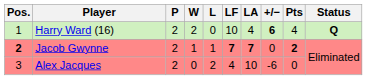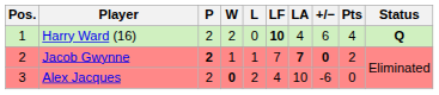 <table class="wikitable" style="text-align:center; margin: 1em auto 1em auto, align:left">
 <tr>
 <th width=20>Pos.</th>
 <th width=185>Player</th>
 <th width=20>P</th>
 <th width=20>W</th>
 <th width=20>L</th>
 <th width=20>LF</th>
 <th width=20>LA</th>
 <th width=25>+/−</th>
 <th width=20>Pts</th>
 <th width=70>Status</th>
 </tr>
 <tr style="background:#D0F0C0;">
 <td>1</td>
 <td align=left> <a href='#'>Harry Ward</a> (16)</td>
 <td>2</td>
 <td>2</td>
 <td>0</td>
-<td>10</td>
+<td><strong>10</strong></td>
 <td>4</td>
-<td><strong>6</strong></td>
+<td>6</td>
 <td>4</td>
 <td rowspan=1><strong>Q</strong></td>
 </tr>
 <tr style="background:#FF8888;">
+<td>2</td>
+<td align=left> <a href='#'>Jacob Gwynne</a></td>
 <td><strong>2</strong></td>
-<td align=left> <a href='#'>Jacob Gwynne</a></td>
-<td>2</td>
 <td>1</td>
 <td>1</td>
+<td>7</td>
 <td><strong>7</strong></td>
-<td><strong>7</strong></td>
-<td>0</td>
-<td><strong>2</strong></td>
+<td><strong>0</strong></td>
+<td>2</td>
 <td rowspan=2>Eliminated</td>
 </tr>
 <tr style="background:#FF8888;">
 <td>3</td>
 <td align=left> <a href='#'>Alex Jacques</a></td>
 <td>2</td>
-<td>0</td>
+<td><strong>0</strong></td>
 <td>2</td>
 <td>4</td>
 <td>10</td>
 <td>-6</td>
 <td>0</td>
 </tr>
 </table>
